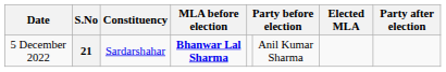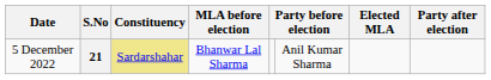 <table class="wikitable sortable" style="text-align:center;">
 <tr>
 <th>Date</th>
 <th>S.No</th>
 <th>Constituency</th>
 <th>MLA before election</th>
 <th colspan="2">Party before election</th>
 <th>Elected MLA</th>
 <th colspan="2">Party after election</th>
 </tr>
 <tr>
 <td>5 December 2022</td>
 <th>21</th>
-<td><a href='#'>Sardarshahar</a></td>
-<td><strong><a href='#'>Bhanwar Lal Sharma</a></strong></td>
+<td style="background: khaki;"><a href='#'>Sardarshahar</a></td>
+<td><a href='#'>Bhanwar Lal Sharma</a></td>
 <td></td>
 <td>Anil Kumar Sharma</td>
 <td></td>
 </tr>
 </table>
